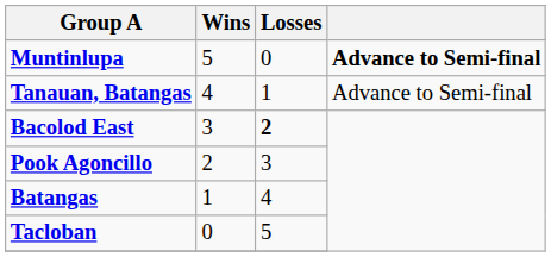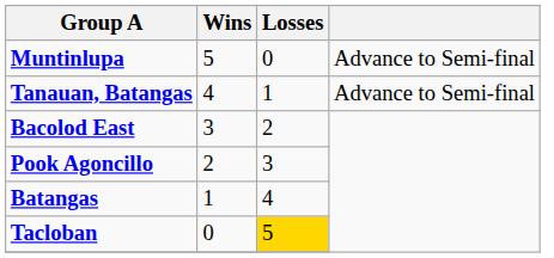 <table class="wikitable">
 <tr align=center>
 <th>Group A</th>
 <th>Wins</th>
 <th>Losses</th>
 <th></th>
 </tr>
 <tr>
 <td><strong><a href='#'>Muntinlupa</a></strong></td>
 <td>5</td>
 <td>0</td>
-<td><strong>Advance to Semi-final</strong></td>
+<td>Advance to Semi-final</td>
 </tr>
 <tr>
 <td><strong><a href='#'>Tanauan, Batangas</a></strong></td>
 <td>4</td>
 <td>1</td>
 <td>Advance to Semi-final</td>
 </tr>
 <tr>
 <td><strong><a href='#'>Bacolod East</a></strong></td>
 <td>3</td>
-<td><strong>2</strong></td>
+<td>2</td>
 </tr>
 <tr>
 <td><strong><a href='#'>Pook Agoncillo</a></strong></td>
 <td>2</td>
 <td>3</td>
 </tr>
 <tr>
 <td><strong><a href='#'>Batangas</a></strong></td>
 <td>1</td>
 <td>4</td>
 </tr>
 <tr>
 <td><strong><a href='#'>Tacloban</a></strong></td>
 <td>0</td>
-<td>5</td>
+<td style="background: gold;">5</td>
 </tr>
 <tr>
 </tr>
 </table>
